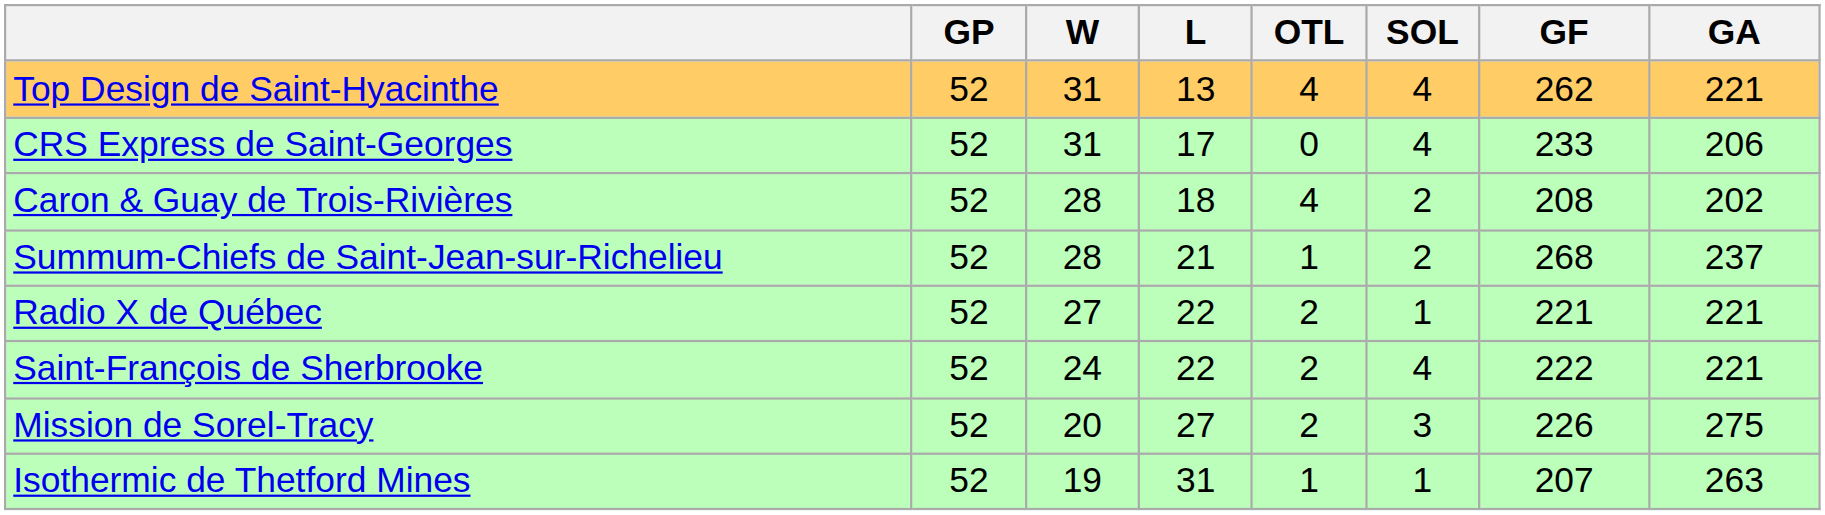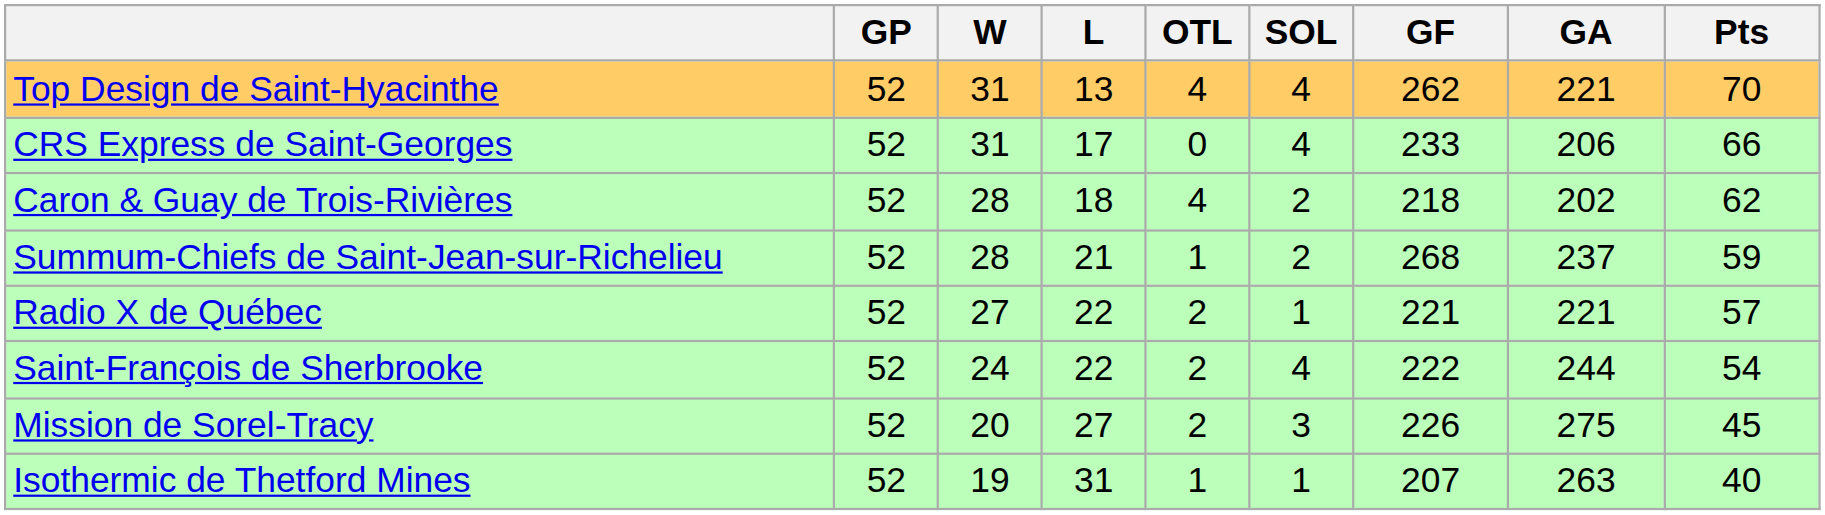 <table class="wikitable">
 <tr>
 <th width="40%" bgcolor="#e0e0e0"></th>
 <th width="5%" bgcolor="#e0e0e0">GP</th>
 <th width="5%" bgcolor="#e0e0e0">W</th>
 <th width="5%" bgcolor="#e0e0e0">L</th>
 <th width="5%" bgcolor="#e0e0e0">OTL</th>
 <th width="5%" bgcolor="#e0e0e0">SOL</th>
 <th width="7.5%" bgcolor="#e0e0e0">GF</th>
 <th width="7.5%" bgcolor="#e0e0e0">GA</th>
+<th width="7.5%" bgcolor="#e0e0e0">Pts</th>
 </tr>
 <tr align="center" bgcolor="#FFCC66">
 <td align="left"><a href='#'>Top Design de Saint-Hyacinthe</a></td>
 <td>52</td>
 <td>31</td>
 <td>13</td>
 <td>4</td>
 <td>4</td>
 <td>262</td>
 <td>221</td>
+<td>70</td>
 </tr>
 <tr align="center" bgcolor="#bbffbb">
 <td align="left"><a href='#'>CRS Express de Saint-Georges</a></td>
 <td>52</td>
 <td>31</td>
 <td>17</td>
 <td>0</td>
 <td>4</td>
 <td>233</td>
 <td>206</td>
+<td>66</td>
 </tr>
 <tr align="center" bgcolor="#bbffbb">
 <td align="left"><a href='#'>Caron & Guay de Trois-Rivières</a></td>
 <td>52</td>
 <td>28</td>
 <td>18</td>
 <td>4</td>
 <td>2</td>
-<td>208</td>
+<td>218</td>
 <td>202</td>
+<td>62</td>
 </tr>
 <tr align="center" bgcolor="#bbffbb">
 <td align="left"><a href='#'>Summum-Chiefs de Saint-Jean-sur-Richelieu</a></td>
 <td>52</td>
 <td>28</td>
 <td>21</td>
 <td>1</td>
 <td>2</td>
 <td>268</td>
 <td>237</td>
+<td>59</td>
 </tr>
 <tr align="center" bgcolor="#bbffbb">
 <td align="left"><a href='#'>Radio X de Québec</a></td>
 <td>52</td>
 <td>27</td>
 <td>22</td>
 <td>2</td>
 <td>1</td>
 <td>221</td>
 <td>221</td>
+<td>57</td>
 </tr>
 <tr align="center" bgcolor="#bbffbb">
 <td align="left"><a href='#'>Saint-François de Sherbrooke</a></td>
 <td>52</td>
 <td>24</td>
 <td>22</td>
 <td>2</td>
 <td>4</td>
 <td>222</td>
-<td>221</td>
+<td>244</td>
+<td>54</td>
 </tr>
 <tr align="center" bgcolor="#bbffbb">
 <td align="left"><a href='#'>Mission de Sorel-Tracy</a></td>
 <td>52</td>
 <td>20</td>
 <td>27</td>
 <td>2</td>
 <td>3</td>
 <td>226</td>
 <td>275</td>
+<td>45</td>
 </tr>
 <tr align="center" bgcolor="#bbffbb">
 <td align="left"><a href='#'>Isothermic de Thetford Mines</a></td>
 <td>52</td>
 <td>19</td>
 <td>31</td>
 <td>1</td>
 <td>1</td>
 <td>207</td>
 <td>263</td>
+<td>40</td>
 </tr>
 </table>
